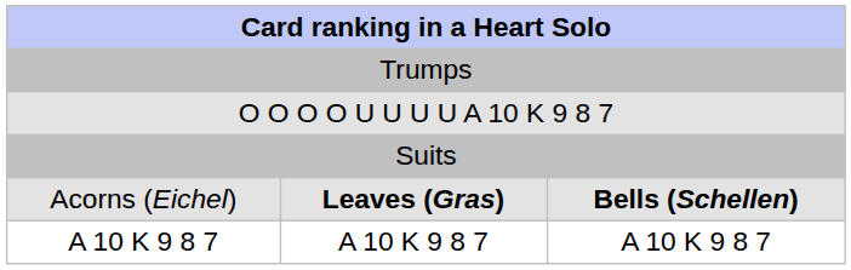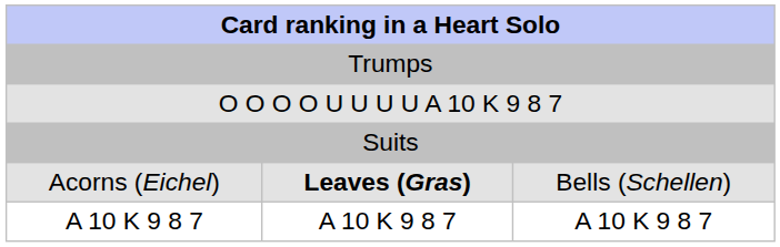 <table cellpadding="3" style="float: right; background: #C0C0C0; margin-left: 1em; border-spacing: 1px;">
 <tr align="center">
 <td style="background: #c0c8f8;" colspan="3" width="480"><strong>Card ranking in a Heart Solo</strong></td>
 </tr>
 <tr align="center">
 <td colspan="3">Trumps</td>
 </tr>
 <tr align="center">
 <td colspan="4" style="background: #e3e3e3;">O O O O U U U U A 10 K 9 8 7</td>
 </tr>
 <tr align="center">
 <td colspan="3">Suits</td>
 </tr>
 <tr align="center">
 <td style="background: #e3e3e3;">Acorns (<em>Eichel</em>)</td>
 <td style="background: #e3e3e3;"><strong>Leaves (<em>Gras</em>)</strong></td>
-<td style="background: #e3e3e3;"><strong>Bells (<em>Schellen</em>)</strong></td>
+<td style="background: #e3e3e3;">Bells (<em>Schellen</em>)</td>
 </tr>
 <tr align="center">
 <td style="background: #ffffff;">A 10 K 9 8 7</td>
 <td style="background: #ffffff;">A 10 K 9 8 7</td>
 <td style="background: #ffffff;">A 10 K 9 8 7</td>
 </tr>
 </table>
